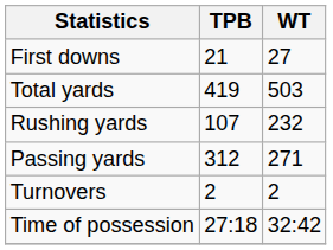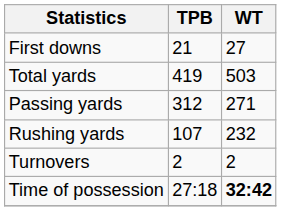 <table class="wikitable" style="float: left;">
 <tr>
 <th>Statistics</th>
 <th>TPB</th>
 <th>WT</th>
 </tr>
 <tr>
 <td>First downs</td>
 <td>21</td>
 <td>27</td>
 </tr>
 <tr>
 <td>Total yards</td>
 <td>419</td>
 <td>503</td>
 </tr>
 <tr>
+<td>Passing yards</td>
+<td>312</td>
+<td>271</td>
+</tr>
+<tr>
 <td>Rushing yards</td>
 <td>107</td>
 <td>232</td>
-</tr>
-<tr>
-<td>Passing yards</td>
-<td>312</td>
-<td>271</td>
 </tr>
 <tr>
 <td>Turnovers</td>
 <td>2</td>
 <td>2</td>
 </tr>
 <tr>
 <td>Time of possession</td>
 <td>27:18</td>
-<td>32:42</td>
+<td><strong>32:42</strong></td>
 </tr>
 <tr>
 </tr>
 </table>
